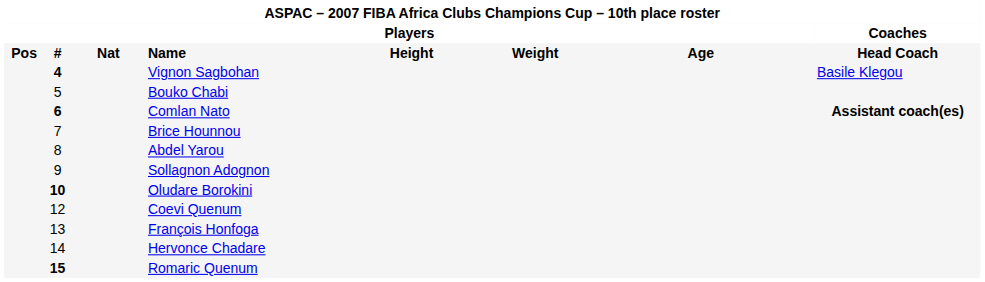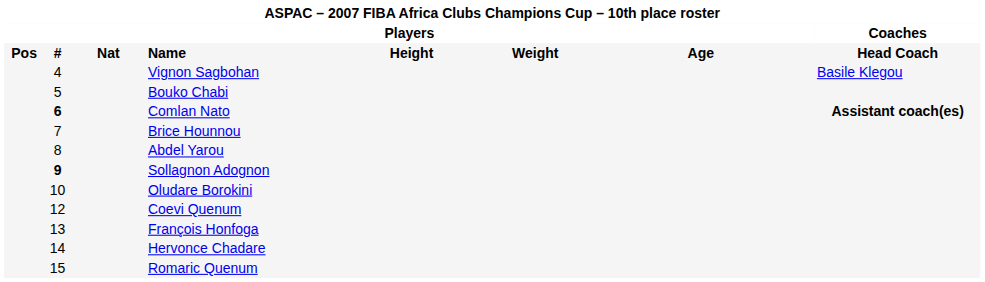 <table border=0 cellpadding=2 cellspacing=0  |- bgcolor=#f5f5f5 style="text-align:center; font-size:85%;" width=75%>
 <tr>
 <td colspan="8" style="background: white; color: black"><strong>ASPAC – 2007 FIBA Africa Clubs Champions Cup – 10th place roster</strong></td>
 </tr>
 <tr>
 <td colspan="7" style="background: white; color: black"><strong>Players</strong></td>
 <td style="background: white; color: black"><strong>Coaches</strong></td>
 </tr>
 <tr style="background=#f5f5f5; color: black">
 <th width=5px>Pos</th>
 <th width=5px>#</th>
 <th width=50px>Nat</th>
 <th width=135px align=left>Name</th>
 <th width=100px>Height</th>
 <th width=70px>Weight</th>
 <th width=160px>Age</th>
 <th width=115px>Head Coach</th>
 </tr>
 <tr>
 <td></td>
-<td><strong>4</strong></td>
+<td>4</td>
 <td></td>
 <td align=left><a href='#'>Vignon Sagbohan</a></td>
 <td></td>
 <td></td>
 <td><span></span></td>
 <td align=left> <a href='#'>Basile Klegou</a></td>
 </tr>
 <tr>
 <td></td>
 <td>5</td>
 <td></td>
 <td align=left><a href='#'>Bouko Chabi</a></td>
 <td></td>
 <td></td>
 <td><span></span></td>
 </tr>
 <tr>
 <td></td>
 <td><strong>6</strong></td>
 <td></td>
 <td align=left><a href='#'>Comlan Nato</a></td>
 <td></td>
 <td></td>
 <td><span></span></td>
 <td><strong>Assistant coach(es)</strong></td>
 </tr>
 <tr>
 <td></td>
 <td>7</td>
 <td></td>
 <td align=left><a href='#'>Brice Hounnou</a></td>
 <td></td>
 <td></td>
 <td><span></span></td>
 <td align=left></td>
 </tr>
 <tr>
 <td></td>
 <td>8</td>
 <td></td>
 <td align=left><a href='#'>Abdel Yarou</a></td>
 <td></td>
 <td></td>
 <td><span></span></td>
 <td align=left></td>
 </tr>
 <tr>
 <td></td>
-<td>9</td>
+<td><strong>9</strong></td>
 <td></td>
 <td align=left><a href='#'>Sollagnon Adognon</a></td>
 <td></td>
 <td></td>
 <td><span></span></td>
 </tr>
 <tr>
 <td></td>
-<td><strong>10</strong></td>
+<td>10</td>
 <td></td>
 <td align=left><a href='#'>Oludare Borokini</a></td>
 <td></td>
 <td></td>
 <td><span></span></td>
 </tr>
 <tr>
 <td></td>
 <td>12</td>
 <td></td>
 <td align=left><a href='#'>Coevi Quenum</a></td>
 <td></td>
 <td></td>
 <td><span></span></td>
 </tr>
 <tr>
 <td></td>
 <td>13</td>
 <td></td>
 <td align=left><a href='#'>François Honfoga</a></td>
 <td></td>
 <td></td>
 <td><span></span></td>
 </tr>
 <tr>
 <td></td>
 <td>14</td>
 <td></td>
 <td align=left><a href='#'>Hervonce Chadare</a></td>
 <td></td>
 <td></td>
 <td><span></span></td>
 </tr>
 <tr>
 <td></td>
-<td><strong>15</strong></td>
+<td>15</td>
 <td></td>
 <td align=left><a href='#'>Romaric Quenum</a></td>
 <td></td>
 <td></td>
 <td><span></span></td>
 </tr>
 </table>
